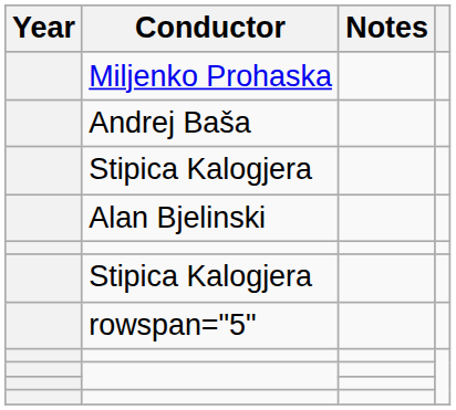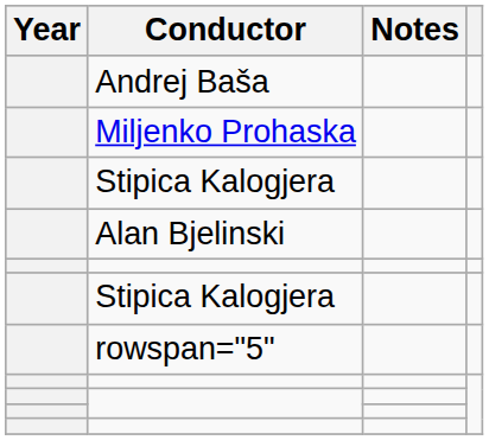 <table class="wikitable plainrowheaders">
 <tr>
 <th>Year</th>
 <th>Conductor</th>
 <th>Notes</th>
 <th></th>
 </tr>
 <tr>
 <th scope="row"></th>
-<td><a href='#'>Miljenko Prohaska</a></td>
+<td>Andrej Baša</td>
 <td></td>
 <td></td>
 </tr>
 <tr>
 <th scope="row"></th>
-<td>Andrej Baša</td>
+<td><a href='#'>Miljenko Prohaska</a></td>
 <td></td>
 <td></td>
 </tr>
 <tr>
 <th scope="row"></th>
 <td>Stipica Kalogjera</td>
 <td></td>
 <td></td>
 </tr>
 <tr>
 <th scope="row"></th>
 <td>Alan Bjelinski</td>
 <td></td>
 <td></td>
 </tr>
 <tr>
 <th scope="row"></th>
 <td></td>
 <td></td>
 <td></td>
 </tr>
 <tr>
 <th scope="row"></th>
 <td>Stipica Kalogjera</td>
 <td></td>
 <td></td>
 </tr>
 <tr>
 <th scope="row"></th>
 <td>rowspan="5" </td>
 <td></td>
 <td></td>
 </tr>
 <tr>
 <th scope="row"></th>
 <td></td>
 <td></td>
 </tr>
 <tr>
 <th scope="row"></th>
 <td rowspan="2"></td>
 <td></td>
 </tr>
 <tr>
 <th scope="row"></th>
 <td></td>
 </tr>
 <tr>
 <th scope="row"></th>
 <td></td>
 <td></td>
 </tr>
 </table>
